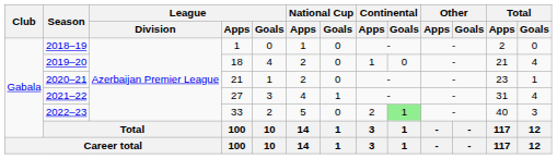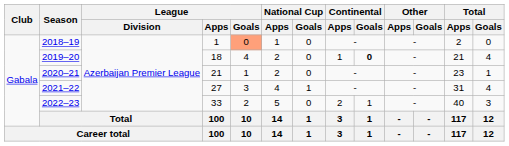 <table class="wikitable" style="text-align:center">
 <tr>
 <th rowspan="2">Club</th>
 <th rowspan="2">Season</th>
 <th colspan="3">League</th>
 <th colspan="2">National Cup</th>
 <th colspan="2">Continental</th>
 <th colspan="2">Other</th>
 <th colspan="2">Total</th>
 </tr>
 <tr>
 <th>Division</th>
 <th>Apps</th>
 <th>Goals</th>
 <th>Apps</th>
 <th>Goals</th>
 <th>Apps</th>
 <th>Goals</th>
 <th>Apps</th>
 <th>Goals</th>
 <th>Apps</th>
 <th>Goals</th>
 </tr>
 <tr>
 <td rowspan="6"><a href='#'>Gabala</a></td>
 <td><a href='#'>2018–19</a></td>
 <td rowspan="5"><a href='#'>Azerbaijan Premier League</a></td>
 <td>1</td>
-<td>0</td>
+<td style="background: lightsalmon;">0</td>
 <td>1</td>
 <td>0</td>
 <td colspan="2">-</td>
 <td colspan="2">-</td>
 <td>2</td>
 <td>0</td>
 </tr>
 <tr>
 <td><a href='#'>2019–20</a></td>
 <td>18</td>
 <td>4</td>
 <td>2</td>
 <td>0</td>
 <td>1</td>
-<td>0</td>
+<td><strong>0</strong></td>
 <td colspan="2">-</td>
 <td>21</td>
 <td>4</td>
 </tr>
 <tr>
 <td><a href='#'>2020–21</a></td>
 <td>21</td>
 <td>1</td>
 <td>2</td>
 <td>0</td>
 <td colspan="2">-</td>
 <td colspan="2">-</td>
 <td>23</td>
 <td>1</td>
 </tr>
 <tr>
 <td><a href='#'>2021–22</a></td>
 <td>27</td>
 <td>3</td>
 <td>4</td>
 <td>1</td>
 <td colspan="2">-</td>
 <td colspan="2">-</td>
 <td>31</td>
 <td>4</td>
 </tr>
 <tr>
 <td><a href='#'>2022–23</a></td>
 <td>33</td>
 <td>2</td>
 <td>5</td>
 <td>0</td>
 <td>2</td>
-<td style="background: lightgreen;">1</td>
+<td>1</td>
 <td colspan="2">-</td>
 <td>40</td>
 <td>3</td>
 </tr>
 <tr>
 <th colspan="2">Total</th>
 <th>100</th>
 <th>10</th>
 <th>14</th>
 <th>1</th>
 <th>3</th>
 <th>1</th>
 <th>-</th>
 <th>-</th>
 <th>117</th>
 <th>12</th>
 </tr>
 <tr>
 <th colspan="3">Career total</th>
 <th>100</th>
 <th>10</th>
 <th>14</th>
 <th>1</th>
 <th>3</th>
 <th>1</th>
 <th>-</th>
 <th>-</th>
 <th>117</th>
 <th>12</th>
 </tr>
 </table>
